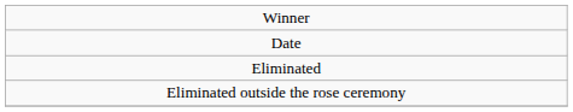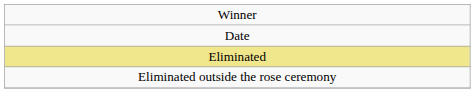 <table class="wikitable" style="text-align:center; width:45%; align="center">
 <tr>
 <td> Winner</td>
 </tr>
 <tr>
 <td> Date</td>
 </tr>
 <tr>
-<td> Eliminated</td>
+<td style="background: khaki;"> Eliminated</td>
 </tr>
 <tr>
 <td> Eliminated outside the rose ceremony</td>
 </tr>
 <tr>
 </tr>
 </table>
